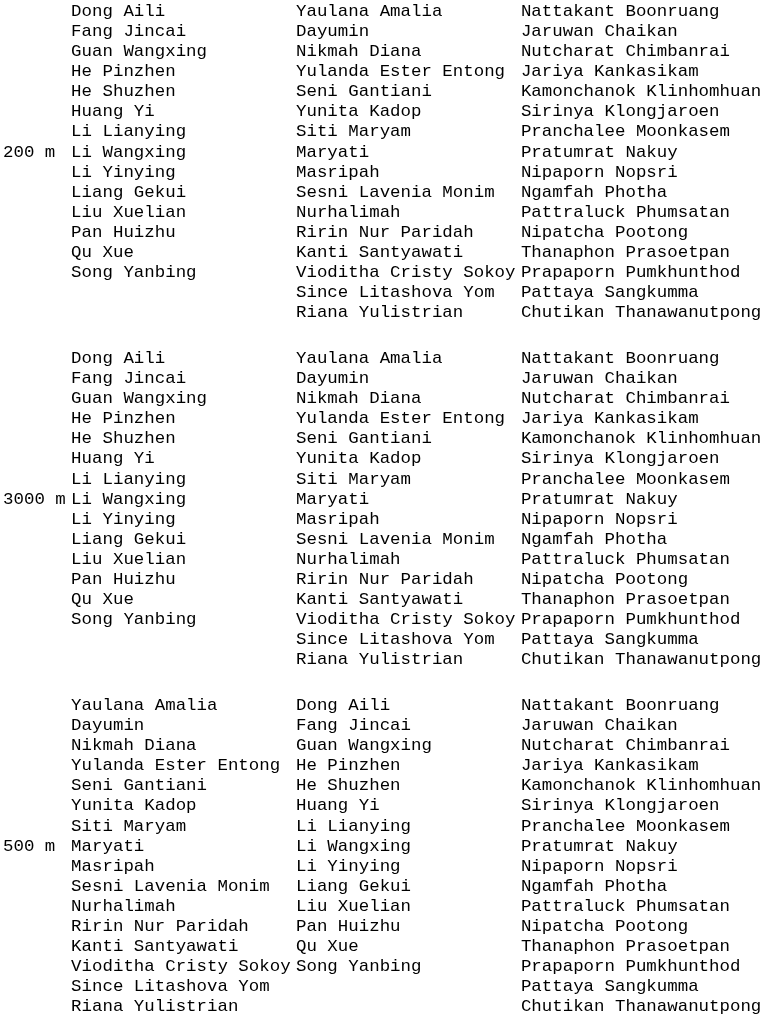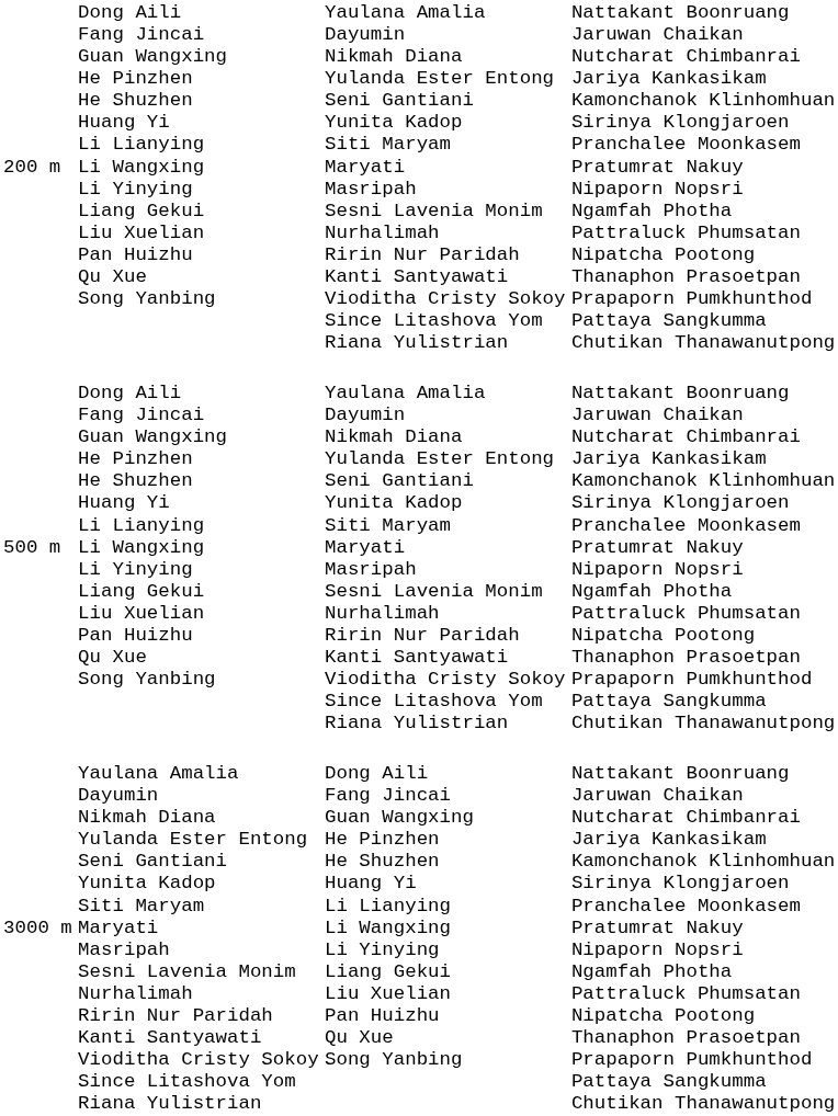 <table>
 <tr>
 <td>200 m</td>
 <td valign=top><br>Dong Aili<br>Fang Jincai<br>Guan Wangxing<br>He Pinzhen<br>He Shuzhen<br>Huang Yi<br>Li Lianying<br>Li Wangxing<br>Li Yinying<br>Liang Gekui<br>Liu Xuelian<br>Pan Huizhu<br>Qu Xue<br>Song Yanbing</td>
 <td><br>Yaulana Amalia<br>Dayumin<br>Nikmah Diana<br>Yulanda Ester Entong<br>Seni Gantiani<br>Yunita Kadop<br>Siti Maryam<br>Maryati<br>Masripah<br>Sesni Lavenia Monim<br>Nurhalimah<br>Ririn Nur Paridah<br>Kanti Santyawati<br>Vioditha Cristy Sokoy<br>Since Litashova Yom<br>Riana Yulistrian</td>
 <td><br>Nattakant Boonruang<br>Jaruwan Chaikan<br>Nutcharat Chimbanrai<br>Jariya Kankasikam<br>Kamonchanok Klinhomhuan<br>Sirinya Klongjaroen<br>Pranchalee Moonkasem<br>Pratumrat Nakuy<br>Nipaporn Nopsri<br>Ngamfah Photha<br>Pattraluck Phumsatan<br>Nipatcha Pootong<br>Thanaphon Prasoetpan<br>Prapaporn Pumkhunthod<br>Pattaya Sangkumma<br>Chutikan Thanawanutpong</td>
 </tr>
 <tr>
-<td>3000 m</td>
+<td>500 m</td>
 <td valign=top><br>Dong Aili<br>Fang Jincai<br>Guan Wangxing<br>He Pinzhen<br>He Shuzhen<br>Huang Yi<br>Li Lianying<br>Li Wangxing<br>Li Yinying<br>Liang Gekui<br>Liu Xuelian<br>Pan Huizhu<br>Qu Xue<br>Song Yanbing</td>
 <td><br>Yaulana Amalia<br>Dayumin<br>Nikmah Diana<br>Yulanda Ester Entong<br>Seni Gantiani<br>Yunita Kadop<br>Siti Maryam<br>Maryati<br>Masripah<br>Sesni Lavenia Monim<br>Nurhalimah<br>Ririn Nur Paridah<br>Kanti Santyawati<br>Vioditha Cristy Sokoy<br>Since Litashova Yom<br>Riana Yulistrian</td>
 <td><br>Nattakant Boonruang<br>Jaruwan Chaikan<br>Nutcharat Chimbanrai<br>Jariya Kankasikam<br>Kamonchanok Klinhomhuan<br>Sirinya Klongjaroen<br>Pranchalee Moonkasem<br>Pratumrat Nakuy<br>Nipaporn Nopsri<br>Ngamfah Photha<br>Pattraluck Phumsatan<br>Nipatcha Pootong<br>Thanaphon Prasoetpan<br>Prapaporn Pumkhunthod<br>Pattaya Sangkumma<br>Chutikan Thanawanutpong</td>
 </tr>
 <tr>
-<td>500 m</td>
+<td>3000 m</td>
 <td><br>Yaulana Amalia<br>Dayumin<br>Nikmah Diana<br>Yulanda Ester Entong<br>Seni Gantiani<br>Yunita Kadop<br>Siti Maryam<br>Maryati<br>Masripah<br>Sesni Lavenia Monim<br>Nurhalimah<br>Ririn Nur Paridah<br>Kanti Santyawati<br>Vioditha Cristy Sokoy<br>Since Litashova Yom<br>Riana Yulistrian</td>
 <td valign=top><br>Dong Aili<br>Fang Jincai<br>Guan Wangxing<br>He Pinzhen<br>He Shuzhen<br>Huang Yi<br>Li Lianying<br>Li Wangxing<br>Li Yinying<br>Liang Gekui<br>Liu Xuelian<br>Pan Huizhu<br>Qu Xue<br>Song Yanbing</td>
 <td><br>Nattakant Boonruang<br>Jaruwan Chaikan<br>Nutcharat Chimbanrai<br>Jariya Kankasikam<br>Kamonchanok Klinhomhuan<br>Sirinya Klongjaroen<br>Pranchalee Moonkasem<br>Pratumrat Nakuy<br>Nipaporn Nopsri<br>Ngamfah Photha<br>Pattraluck Phumsatan<br>Nipatcha Pootong<br>Thanaphon Prasoetpan<br>Prapaporn Pumkhunthod<br>Pattaya Sangkumma<br>Chutikan Thanawanutpong</td>
 </tr>
 </table>
